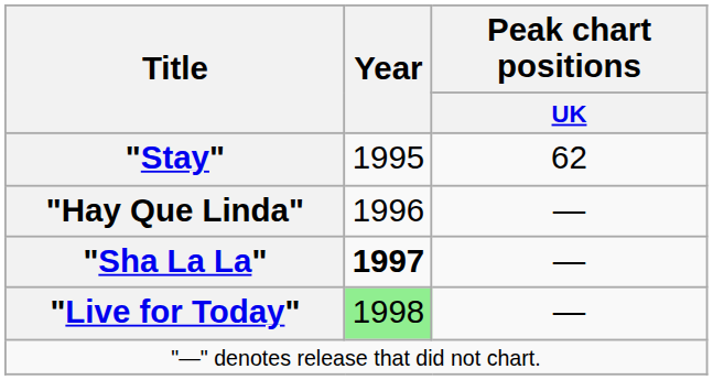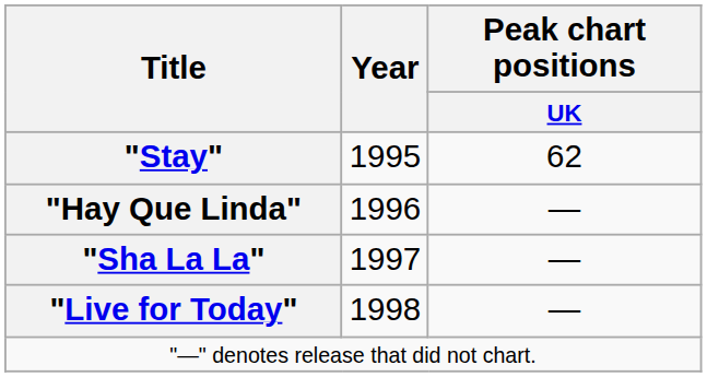 <table class="wikitable plainrowheaders" style="text-align:center;" border="1">
 <tr>
 <th scope="col" rowspan="2" style="width:10em;">Title</th>
 <th scope="col" rowspan="2">Year</th>
 <th scope="col" colspan="1" style="width:8em;">Peak chart positions</th>
 </tr>
 <tr>
 <th style="width:3em;font-size:75%;"><a href='#'>UK</a></th>
 </tr>
 <tr>
 <th scope="row">"<a href='#'>Stay</a>"</th>
 <td rowspan="1">1995</td>
 <td>62</td>
 </tr>
 <tr>
 <th scope="row">"Hay Que Linda"</th>
 <td rowspan="1">1996</td>
 <td>—</td>
 </tr>
 <tr>
 <th scope="row">"<a href='#'>Sha La La</a>"</th>
-<td rowspan="1"><strong>1997</strong></td>
+<td rowspan="1">1997</td>
 <td>—</td>
 </tr>
 <tr>
 <th scope="row">"<a href='#'>Live for Today</a>"</th>
-<td rowspan="1" style="background: lightgreen;">1998</td>
+<td rowspan="1">1998</td>
 <td>—</td>
 </tr>
 <tr>
 <td colspan="10" style="font-size: 8pt">"—" denotes release that did not chart.</td>
 </tr>
 </table>
